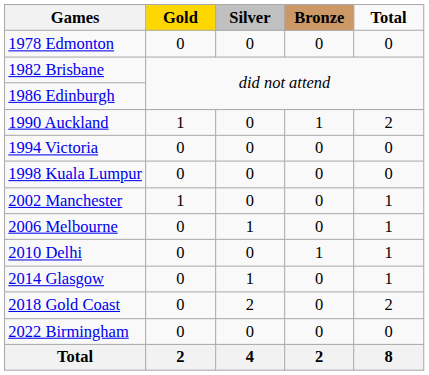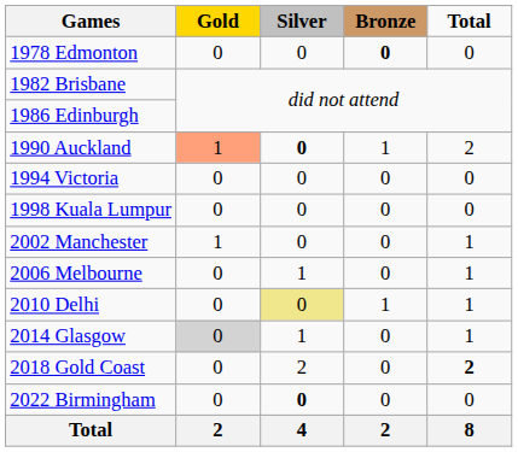 <table class="wikitable" style="text-align:center">
 <tr>
 <th>Games</th>
 <td width=60 bgcolor=gold><strong>Gold</strong></td>
 <td width=60 bgcolor=silver><strong>Silver</strong></td>
 <td width="60" bgcolor="#cc9966"><strong>Bronze</strong></td>
 <td width=60><strong>Total</strong></td>
 </tr>
 <tr>
 <td align=left><a href='#'>1978 Edmonton</a></td>
 <td>0</td>
 <td>0</td>
-<td>0</td>
+<td><strong>0</strong></td>
 <td>0</td>
 </tr>
 <tr>
 <td align=left><a href='#'>1982 Brisbane</a></td>
 <td rowspan=2 colspan=4><em>did not attend</em></td>
 </tr>
 <tr>
 <td align=left><a href='#'>1986 Edinburgh</a></td>
 </tr>
 <tr>
 <td align=left><a href='#'>1990 Auckland</a></td>
-<td>1</td>
-<td>0</td>
+<td style="background: lightsalmon;">1</td>
+<td><strong>0</strong></td>
 <td>1</td>
 <td>2</td>
 </tr>
 <tr>
 <td align=left><a href='#'>1994 Victoria</a></td>
 <td>0</td>
 <td>0</td>
 <td>0</td>
 <td>0</td>
 </tr>
 <tr>
 <td align=left><a href='#'>1998 Kuala Lumpur</a></td>
 <td>0</td>
 <td>0</td>
 <td>0</td>
 <td>0</td>
 </tr>
 <tr>
 <td align=left><a href='#'>2002 Manchester</a></td>
 <td>1</td>
 <td>0</td>
 <td>0</td>
 <td>1</td>
 </tr>
 <tr>
 <td align=left><a href='#'>2006 Melbourne</a></td>
 <td>0</td>
 <td>1</td>
 <td>0</td>
 <td>1</td>
 </tr>
 <tr>
 <td align=left><a href='#'>2010 Delhi</a></td>
 <td>0</td>
-<td>0</td>
+<td style="background: khaki;">0</td>
 <td>1</td>
 <td>1</td>
 </tr>
 <tr>
 <td align=left><a href='#'>2014 Glasgow</a></td>
-<td>0</td>
+<td style="background: lightgrey;">0</td>
 <td>1</td>
 <td>0</td>
 <td>1</td>
 </tr>
 <tr>
 <td align=left><a href='#'>2018 Gold Coast</a></td>
 <td>0</td>
 <td>2</td>
 <td>0</td>
-<td>2</td>
+<td><strong>2</strong></td>
 </tr>
 <tr>
 <td align=left><a href='#'>2022 Birmingham</a></td>
 <td>0</td>
-<td>0</td>
+<td><strong>0</strong></td>
 <td>0</td>
 <td>0</td>
 </tr>
 <tr>
 <th>Total</th>
 <th>2</th>
 <th>4</th>
 <th>2</th>
 <th>8</th>
 </tr>
 </table>
